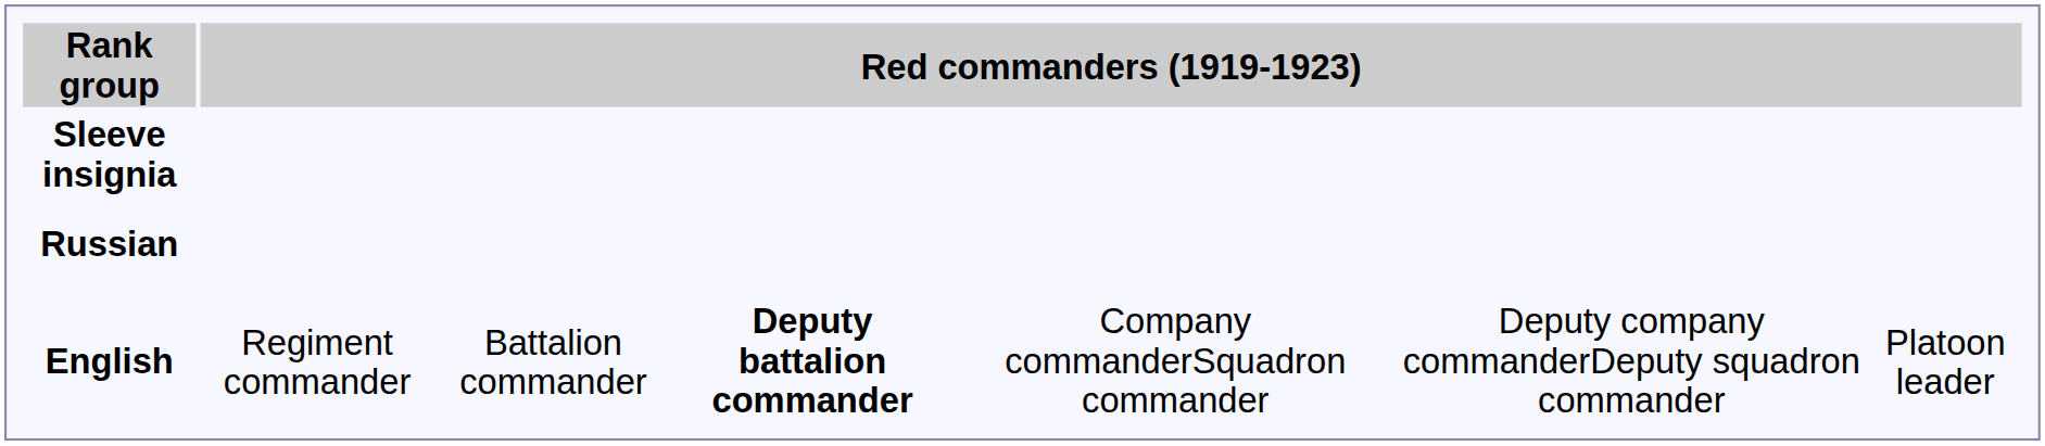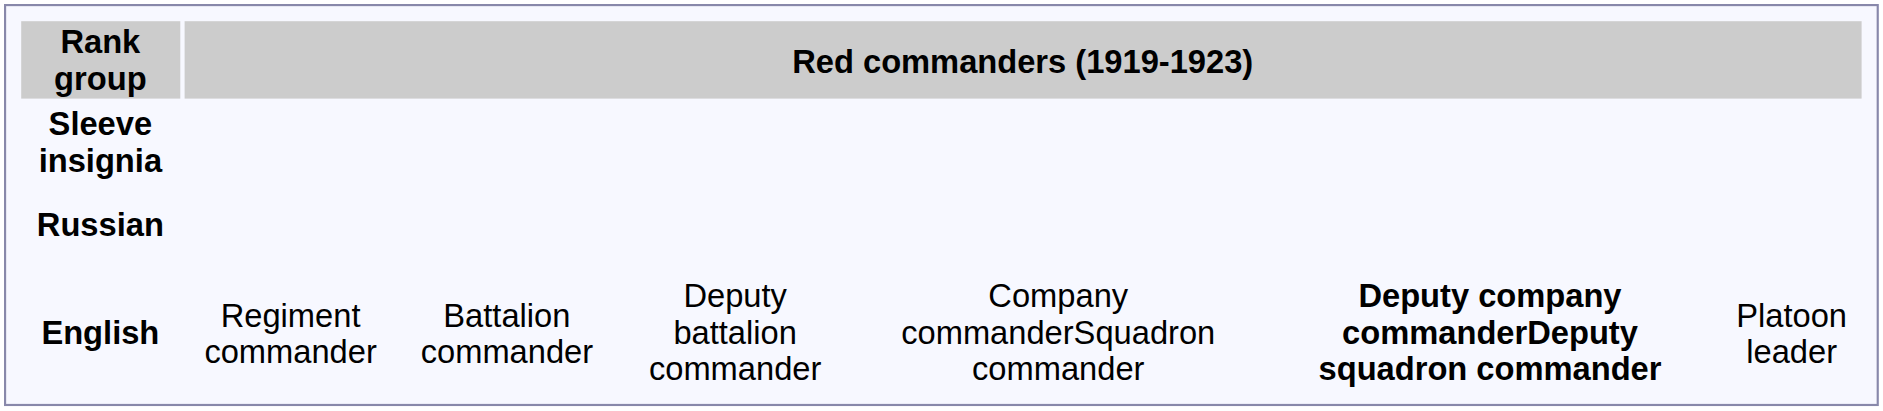 <table style="border:1px solid #8888aa; background-color:#f7f8ff; padding:5px; font-size:95%; margin: 0px 12px 12px 0px; text-align:center;">
 <tr bgcolor="#CCCCCC">
 <th>Rank group</th>
 <th colspan="7"><strong>Red commanders (1919-1923)</strong></th>
 </tr>
 <tr>
 <th>Sleeve insignia</th>
 <td></td>
 <td></td>
 <td></td>
 <td></td>
 <td></td>
 <td></td>
 </tr>
 <tr>
 <th>Russian</th>
 <td><br></td>
 <td><br></td>
 <td><br></td>
 <td><br><br></td>
 <td><br><br></td>
 <td><br></td>
 </tr>
 <tr>
 <td colspan="8"></td>
 </tr>
 <tr>
 <th>English</th>
 <td>Regiment commander</td>
 <td>Battalion commander</td>
-<td><strong>Deputy battalion commander</strong></td>
+<td>Deputy battalion commander</td>
 <td>Company commanderSquadron commander</td>
-<td>Deputy company commanderDeputy squadron commander</td>
+<td><strong>Deputy company commanderDeputy squadron commander</strong></td>
 <td>Platoon leader</td>
 </tr>
 </table>
